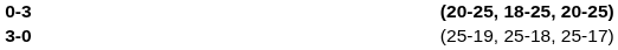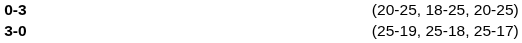 <table width=100% cellspacing=1>
 <tr>
 <th width=20%></th>
 <th width=12%></th>
 <th width=20%></th>
 <th width=33%></th>
 <td></td>
 </tr>
 <tr style=font-size:90%>
 <td align=right></td>
 <td align=center><strong>0-3</strong></td>
 <td></td>
-<td><strong>(20-25, 18-25, 20-25)</strong></td>
+<td>(20-25, 18-25, 20-25)</td>
 <td></td>
 </tr>
 <tr style=font-size:90%>
 <td align=right></td>
 <td align=center><strong>3-0</strong></td>
 <td></td>
 <td>(25-19, 25-18, 25-17)</td>
 </tr>
 </table>
